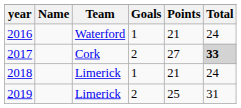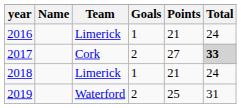 <table class="wikitable sortable">
 <tr>
 </tr>
 <tr>
 <th>year</th>
 <th>Name</th>
 <th>Team</th>
 <th>Goals</th>
 <th>Points</th>
 <th>Total</th>
 </tr>
 <tr>
 <td><a href='#'>2016</a></td>
 <td></td>
-<td><a href='#'>Waterford</a></td>
+<td><a href='#'>Limerick</a></td>
 <td>1</td>
 <td>21</td>
 <td>24</td>
 </tr>
 <tr>
 <td><a href='#'>2017</a></td>
 <td></td>
 <td><a href='#'>Cork</a></td>
 <td>2</td>
 <td>27</td>
 <td style="background: lightgrey;"><strong>33</strong></td>
 </tr>
 <tr>
 <td><a href='#'>2018</a></td>
 <td></td>
 <td><a href='#'>Limerick</a></td>
 <td>1</td>
 <td>21</td>
 <td>24</td>
 </tr>
 <tr>
 <td><a href='#'>2019</a></td>
 <td></td>
-<td><a href='#'>Limerick</a></td>
+<td><a href='#'>Waterford</a></td>
 <td>2</td>
 <td>25</td>
 <td>31</td>
 </tr>
 </table>
